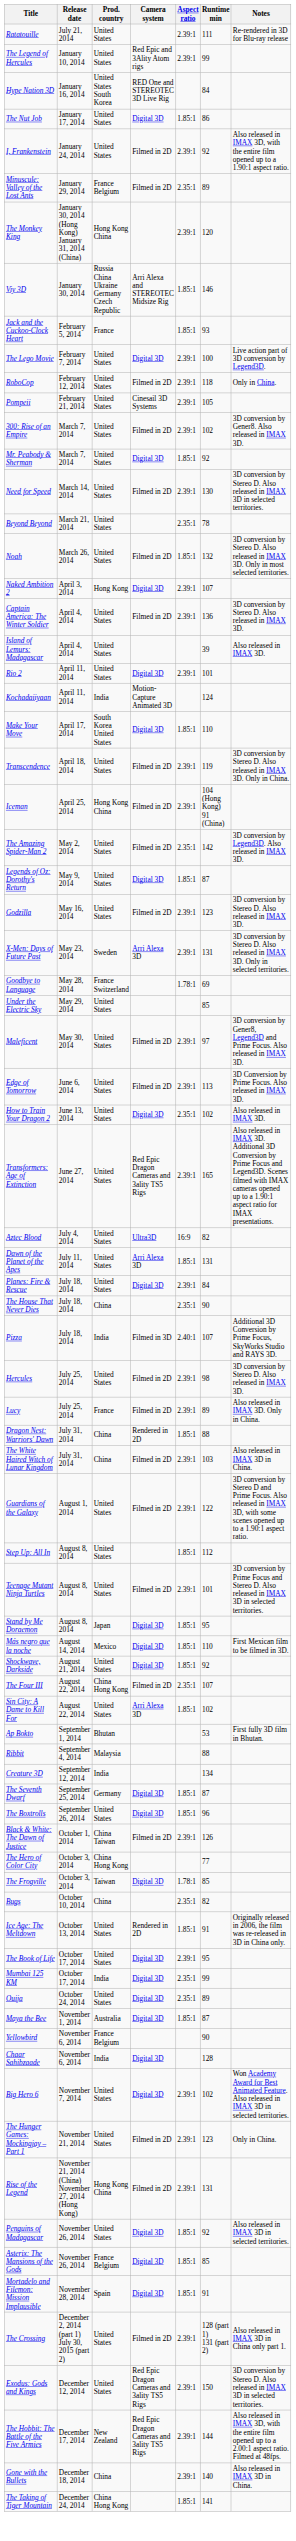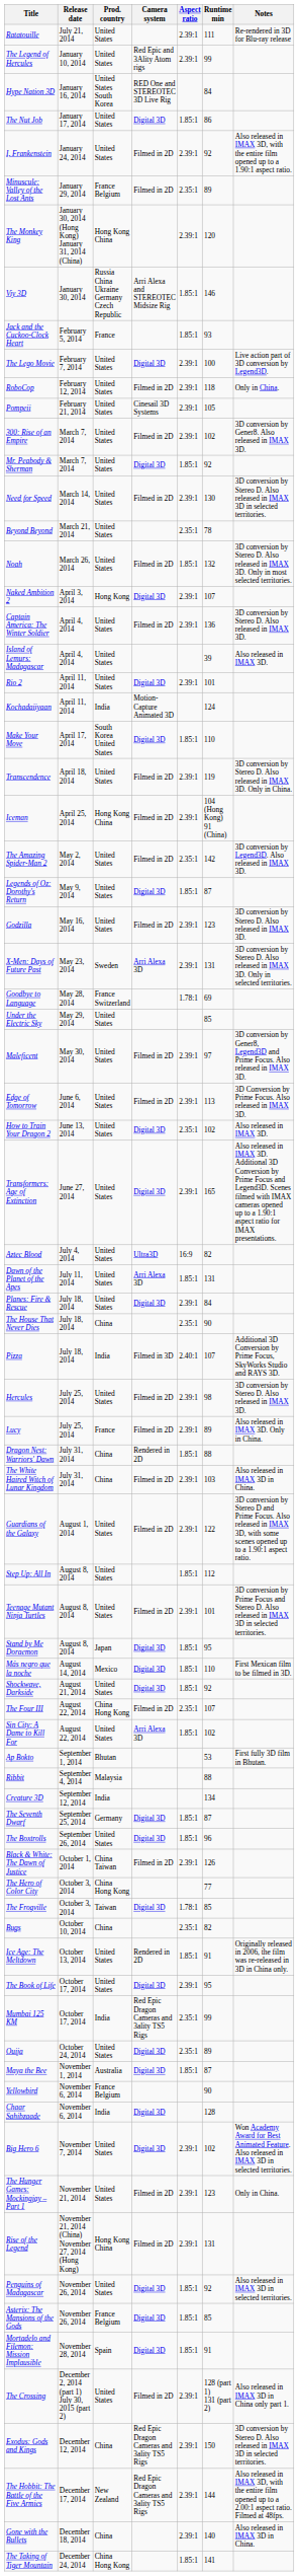 <table class="wikitable sortable" width="100%">
 <tr>
 <th width="22%">Title</th>
 <th width="12%">Release date</th>
 <th width="10%">Prod. country</th>
 <th width="15%">Camera system</th>
 <th width="5%"><a href='#'>Aspect ratio</a></th>
 <th width="3%">Runtime min</th>
 <th width="33%" class="unsortable">Notes</th>
 </tr>
 <tr>
 <td><em><a href='#'>Ratatouille</a></em></td>
 <td>July 21, 2014</td>
 <td>United States</td>
 <td></td>
 <td>2.39:1</td>
 <td>111</td>
 <td>Re-rendered in 3D for Blu-ray release</td>
 </tr>
 <tr>
 <td><em><a href='#'>The Legend of Hercules</a></em></td>
 <td>January 10, 2014</td>
 <td>United States</td>
 <td>Red Epic and 3Ality Atom rigs</td>
 <td>2.39:1</td>
 <td>99</td>
 <td></td>
 </tr>
 <tr>
 <td><em><a href='#'>Hype Nation 3D</a></em></td>
 <td>January 16, 2014</td>
 <td>United States<br>South Korea</td>
 <td>RED One and STEREOTEC 3D Live Rig</td>
 <td></td>
 <td>84</td>
 <td></td>
 </tr>
 <tr>
 <td><em><a href='#'>The Nut Job</a></em></td>
 <td>January 17, 2014</td>
 <td>United States</td>
 <td><a href='#'>Digital 3D</a></td>
 <td>1.85:1</td>
 <td>86</td>
 <td></td>
 </tr>
 <tr>
 <td><em><a href='#'>I, Frankenstein</a></em></td>
 <td>January 24, 2014</td>
 <td>United States</td>
 <td>Filmed in 2D</td>
 <td>2.39:1</td>
 <td>92</td>
 <td>Also released in <a href='#'>IMAX</a> 3D, with the entire film opened up to a 1.90:1 aspect ratio.</td>
 </tr>
 <tr>
 <td><em><a href='#'>Minuscule: Valley of the Lost Ants</a></em></td>
 <td>January 29, 2014</td>
 <td>France<br>Belgium</td>
 <td>Filmed in 2D</td>
 <td>2.35:1</td>
 <td>89</td>
 <td></td>
 </tr>
 <tr>
 <td><em><a href='#'>The Monkey King</a></em></td>
 <td>January 30, 2014 (Hong Kong)<br>January 31, 2014 (China)</td>
 <td>Hong Kong<br>China</td>
 <td></td>
 <td>2.39:1</td>
 <td>120</td>
 <td></td>
 </tr>
 <tr>
 <td><em><a href='#'>Viy 3D</a></em></td>
 <td>January 30, 2014</td>
 <td>Russia<br>China<br> Ukraine<br> Germany<br> Czech Republic</td>
 <td>Arri Alexa and STEREOTEC Midsize Rig</td>
 <td>1.85:1</td>
 <td>146</td>
 <td></td>
 </tr>
 <tr>
 <td><em><a href='#'>Jack and the Cuckoo-Clock Heart</a></em></td>
 <td>February 5, 2014</td>
 <td>France</td>
 <td></td>
 <td>1.85:1</td>
 <td>93</td>
 <td></td>
 </tr>
 <tr>
 <td><em><a href='#'>The Lego Movie</a></em></td>
 <td>February 7, 2014</td>
 <td>United States</td>
 <td><a href='#'>Digital 3D</a></td>
 <td>2.39:1</td>
 <td>100</td>
 <td>Live action part of 3D conversion by <a href='#'>Legend3D</a>.</td>
 </tr>
 <tr>
 <td><em><a href='#'>RoboCop</a></em></td>
 <td>February 12, 2014</td>
 <td>United States</td>
 <td>Filmed in 2D</td>
 <td>2.39:1</td>
 <td>118</td>
 <td>Only in <a href='#'>China</a>.</td>
 </tr>
 <tr>
 <td><em><a href='#'>Pompeii</a></em></td>
 <td>February 21, 2014</td>
 <td>United States</td>
 <td>Cinesail 3D Systems</td>
 <td>2.39:1</td>
 <td>105</td>
 <td></td>
 </tr>
 <tr>
 <td><em><a href='#'>300: Rise of an Empire</a></em></td>
 <td>March 7, 2014</td>
 <td>United States</td>
 <td>Filmed in 2D</td>
 <td>2.39:1</td>
 <td>102</td>
 <td>3D conversion by Gener8. Also released in <a href='#'>IMAX</a> 3D.</td>
 </tr>
 <tr>
 <td><em><a href='#'>Mr. Peabody & Sherman</a></em></td>
 <td>March 7, 2014</td>
 <td>United States</td>
 <td><a href='#'>Digital 3D</a></td>
 <td>1.85:1</td>
 <td>92</td>
 <td></td>
 </tr>
 <tr>
 <td><em><a href='#'>Need for Speed</a></em></td>
 <td>March 14, 2014</td>
 <td>United States</td>
 <td>Filmed in 2D</td>
 <td>2.39:1</td>
 <td>130</td>
 <td>3D conversion by Stereo D. Also released in <a href='#'>IMAX</a> 3D in selected territories.</td>
 </tr>
 <tr>
 <td><em><a href='#'>Beyond Beyond</a></em></td>
 <td>March 21, 2014</td>
 <td>United States</td>
 <td></td>
 <td>2.35:1</td>
 <td>78</td>
 <td></td>
 </tr>
 <tr>
 <td><em><a href='#'>Noah</a></em></td>
 <td>March 26, 2014</td>
 <td>United States</td>
 <td>Filmed in 2D</td>
 <td>1.85:1</td>
 <td>132</td>
 <td>3D conversion by Stereo D. Also released in <a href='#'>IMAX</a> 3D. Only in most selected territories.</td>
 </tr>
 <tr>
 <td><em><a href='#'>Naked Ambition 2</a></em></td>
 <td>April 3, 2014</td>
 <td>Hong Kong</td>
 <td><a href='#'>Digital 3D</a></td>
 <td>2.39:1</td>
 <td>107</td>
 <td></td>
 </tr>
 <tr>
 <td><em><a href='#'>Captain America: The Winter Soldier</a></em></td>
 <td>April 4, 2014</td>
 <td>United States</td>
 <td>Filmed in 2D</td>
 <td>2.39:1</td>
 <td>136</td>
 <td>3D conversion by Stereo D. Also released in <a href='#'>IMAX</a> 3D.</td>
 </tr>
 <tr>
 <td><em><a href='#'>Island of Lemurs: Madagascar</a></em></td>
 <td>April 4, 2014</td>
 <td>United States</td>
 <td></td>
 <td></td>
 <td>39</td>
 <td>Also released in <a href='#'>IMAX</a> 3D.</td>
 </tr>
 <tr>
 <td><em><a href='#'>Rio 2</a></em></td>
 <td>April 11, 2014</td>
 <td>United States</td>
 <td><a href='#'>Digital 3D</a></td>
 <td>2.39:1</td>
 <td>101</td>
 <td></td>
 </tr>
 <tr>
 <td><em><a href='#'>Kochadaiiyaan</a></em></td>
 <td>April 11, 2014</td>
 <td>India</td>
 <td>Motion-Capture Animated 3D</td>
 <td></td>
 <td>124</td>
 <td></td>
 </tr>
 <tr>
 <td><em><a href='#'>Make Your Move</a></em></td>
 <td>April 17, 2014</td>
 <td>South Korea<br>United States</td>
 <td><a href='#'>Digital 3D</a></td>
 <td>1.85:1</td>
 <td>110</td>
 <td></td>
 </tr>
 <tr>
 <td><em><a href='#'>Transcendence</a></em></td>
 <td>April 18, 2014</td>
 <td>United States</td>
 <td>Filmed in 2D</td>
 <td>2.39:1</td>
 <td>119</td>
 <td>3D conversion by Stereo D. Also released in <a href='#'>IMAX</a> 3D. Only in China.</td>
 </tr>
 <tr>
 <td><em><a href='#'>Iceman</a></em></td>
 <td>April 25, 2014</td>
 <td>Hong Kong<br>China</td>
 <td>Filmed in 2D</td>
 <td>2.39:1</td>
 <td>104 (Hong Kong)<br>91 (China)</td>
 <td></td>
 </tr>
 <tr>
 <td><em><a href='#'>The Amazing Spider-Man 2</a></em></td>
 <td>May 2, 2014</td>
 <td>United States</td>
 <td>Filmed in 2D</td>
 <td>2.35:1</td>
 <td>142</td>
 <td>3D conversion by <a href='#'>Legend3D</a>. Also released in <a href='#'>IMAX</a> 3D.</td>
 </tr>
 <tr>
 <td><em><a href='#'>Legends of Oz: Dorothy's Return</a></em></td>
 <td>May 9, 2014</td>
 <td>United States</td>
 <td><a href='#'>Digital 3D</a></td>
 <td>1.85:1</td>
 <td>87</td>
 <td></td>
 </tr>
 <tr>
 <td><em><a href='#'>Godzilla</a></em></td>
 <td>May 16, 2014</td>
 <td>United States</td>
 <td>Filmed in 2D</td>
 <td>2.39:1</td>
 <td>123</td>
 <td>3D conversion by Stereo D. Also released in <a href='#'>IMAX</a> 3D.</td>
 </tr>
 <tr>
 <td><em><a href='#'>X-Men: Days of Future Past</a></em></td>
 <td>May 23, 2014</td>
 <td>Sweden</td>
 <td><a href='#'>Arri Alexa</a> 3D</td>
 <td>2.39:1</td>
 <td>131</td>
 <td>3D conversion by Stereo D. Also released in <a href='#'>IMAX</a> 3D. Only in selected territories.</td>
 </tr>
 <tr>
 <td><em><a href='#'>Goodbye to Language</a></em></td>
 <td>May 28, 2014</td>
 <td>France<br>Switzerland</td>
 <td></td>
 <td>1.78:1</td>
 <td>69</td>
 <td></td>
 </tr>
 <tr>
 <td><em><a href='#'>Under the Electric Sky</a></em></td>
 <td>May 29, 2014</td>
 <td>United States</td>
 <td></td>
 <td></td>
 <td>85</td>
 <td></td>
 </tr>
 <tr>
 <td><em><a href='#'>Maleficent</a></em></td>
 <td>May 30, 2014</td>
 <td>United States</td>
 <td>Filmed in 2D</td>
 <td>2.39:1</td>
 <td>97</td>
 <td>3D conversion by Gener8, <a href='#'>Legend3D</a> and Prime Focus. Also released in <a href='#'>IMAX</a> 3D.</td>
 </tr>
 <tr>
 <td><em><a href='#'>Edge of Tomorrow</a></em></td>
 <td>June 6, 2014</td>
 <td>United States</td>
 <td>Filmed in 2D</td>
 <td>2.39:1</td>
 <td>113</td>
 <td>3D Conversion by Prime Focus. Also released in <a href='#'>IMAX</a> 3D.</td>
 </tr>
 <tr>
 <td><em><a href='#'>How to Train Your Dragon 2</a></em></td>
 <td>June 13, 2014</td>
 <td>United States</td>
 <td><a href='#'>Digital 3D</a></td>
 <td>2.35:1</td>
 <td>102</td>
 <td>Also released in <a href='#'>IMAX</a> 3D.</td>
 </tr>
 <tr>
 <td><em><a href='#'>Transformers: Age of Extinction</a></em></td>
 <td>June 27, 2014</td>
 <td>United States</td>
-<td>Red Epic Dragon Cameras and 3ality TS5 Rigs</td>
+<td><a href='#'>Digital 3D</a></td>
 <td>2.39:1</td>
 <td>165</td>
 <td>Also released in <a href='#'>IMAX</a> 3D. Additional 3D Conversion by Prime Focus and Legend3D. Scenes filmed with IMAX cameras opened up to a 1.90:1 aspect ratio for IMAX presentations.</td>
 </tr>
 <tr>
 <td><em><a href='#'>Aztec Blood</a></em></td>
 <td>July 4, 2014</td>
 <td>United States</td>
 <td><a href='#'>Ultra3D</a></td>
 <td>16:9</td>
 <td>82</td>
 <td></td>
 </tr>
 <tr>
 <td><em><a href='#'>Dawn of the Planet of the Apes</a></em></td>
 <td>July 11, 2014</td>
 <td>United States</td>
 <td><a href='#'>Arri Alexa</a> 3D</td>
 <td>1.85:1</td>
 <td>131</td>
 <td></td>
 </tr>
 <tr>
 <td><em><a href='#'>Planes: Fire & Rescue</a></em></td>
 <td>July 18, 2014</td>
 <td>United States</td>
 <td><a href='#'>Digital 3D</a></td>
 <td>2.39:1</td>
 <td>84</td>
 <td></td>
 </tr>
 <tr>
 <td><em><a href='#'>The House That Never Dies</a></em></td>
 <td>July 18, 2014</td>
 <td>China</td>
 <td></td>
 <td>2.35:1</td>
 <td>90</td>
 <td></td>
 </tr>
 <tr>
 <td><em><a href='#'>Pizza</a></em></td>
 <td>July 18, 2014</td>
 <td>India</td>
 <td>Filmed in 3D</td>
 <td>2.40:1</td>
 <td>107</td>
 <td>Additional 3D Conversion by Prime Focus, SkyWorks Studio and RAYS 3D.</td>
 </tr>
 <tr>
 <td><em><a href='#'>Hercules</a></em></td>
 <td>July 25, 2014</td>
 <td>United States</td>
 <td>Filmed in 2D</td>
 <td>2.39:1</td>
 <td>98</td>
 <td>3D conversion by Stereo D. Also released in <a href='#'>IMAX</a> 3D.</td>
 </tr>
 <tr>
 <td><em><a href='#'>Lucy</a></em></td>
 <td>July 25, 2014</td>
 <td>France</td>
 <td>Filmed in 2D</td>
 <td>2.39:1</td>
 <td>89</td>
 <td>Also released in <a href='#'>IMAX</a> 3D. Only in China.</td>
 </tr>
 <tr>
 <td><em><a href='#'>Dragon Nest: Warriors' Dawn</a></em></td>
 <td>July 31, 2014</td>
 <td>China</td>
 <td>Rendered in 2D</td>
 <td>1.85:1</td>
 <td>88</td>
 <td></td>
 </tr>
 <tr>
 <td><em><a href='#'>The White Haired Witch of Lunar Kingdom</a></em></td>
 <td>July 31, 2014</td>
 <td>China</td>
 <td>Filmed in 2D</td>
 <td>2.39:1</td>
 <td>103</td>
 <td>Also released in <a href='#'>IMAX</a> 3D in China.</td>
 </tr>
 <tr>
 <td><em><a href='#'>Guardians of the Galaxy</a></em></td>
 <td>August 1, 2014</td>
 <td>United States</td>
 <td>Filmed in 2D</td>
 <td>2.39:1</td>
 <td>122</td>
 <td>3D conversion by Stereo D and Prime Focus. Also released in <a href='#'>IMAX</a> 3D, with some scenes opened up to a 1.90:1 aspect ratio.</td>
 </tr>
 <tr>
 <td><em><a href='#'>Step Up: All In</a></em></td>
 <td>August 8, 2014</td>
 <td>United States</td>
 <td></td>
 <td>1.85:1</td>
 <td>112</td>
 <td></td>
 </tr>
 <tr>
 <td><em><a href='#'>Teenage Mutant Ninja Turtles</a></em></td>
 <td>August 8, 2014</td>
 <td>United States</td>
 <td>Filmed in 2D</td>
 <td>2.39:1</td>
 <td>101</td>
 <td>3D conversion by Prime Focus and Stereo D. Also released in <a href='#'>IMAX</a> 3D in selected territories.</td>
 </tr>
 <tr>
 <td><em><a href='#'>Stand by Me Doraemon</a></em></td>
 <td>August 8, 2014</td>
 <td>Japan</td>
 <td><a href='#'>Digital 3D</a></td>
 <td>1.85:1</td>
 <td>95</td>
 <td></td>
 </tr>
 <tr>
 <td><em><a href='#'>Más negro que la noche</a></em></td>
 <td>August 14, 2014</td>
 <td>Mexico</td>
 <td><a href='#'>Digital 3D</a></td>
 <td>1.85:1</td>
 <td>110</td>
 <td>First Mexican film to be filmed in 3D.</td>
 </tr>
 <tr>
 <td><em><a href='#'>Shockwave, Darkside</a></em></td>
 <td>August 21, 2014</td>
 <td>United States</td>
 <td><a href='#'>Digital 3D</a></td>
 <td>1.85:1</td>
 <td>92</td>
 <td></td>
 </tr>
 <tr>
 <td><em><a href='#'>The Four III</a></em></td>
 <td>August 22, 2014</td>
 <td>China<br>Hong Kong</td>
 <td>Filmed in 2D</td>
 <td>2.35:1</td>
 <td>107</td>
 <td></td>
 </tr>
 <tr>
 <td><em><a href='#'>Sin City: A Dame to Kill For</a></em></td>
 <td>August 22, 2014</td>
 <td>United States</td>
 <td><a href='#'>Arri Alexa</a> 3D</td>
 <td>1.85:1</td>
 <td>102</td>
 <td></td>
 </tr>
 <tr>
 <td><em><a href='#'>Ap Bokto</a></em></td>
 <td>September 1, 2014</td>
 <td>Bhutan</td>
 <td></td>
 <td></td>
 <td>53</td>
 <td>First fully 3D film in Bhutan.</td>
 </tr>
 <tr>
 <td><em><a href='#'>Ribbit</a></em></td>
 <td>September 4, 2014</td>
 <td>Malaysia</td>
 <td></td>
 <td></td>
 <td>88</td>
 <td></td>
 </tr>
 <tr>
 <td><em><a href='#'>Creature 3D</a></em></td>
 <td>September 12, 2014</td>
 <td>India</td>
 <td></td>
 <td></td>
 <td>134</td>
 <td></td>
 </tr>
 <tr>
 <td><em><a href='#'>The Seventh Dwarf</a></em></td>
 <td>September 25, 2014</td>
 <td>Germany</td>
 <td><a href='#'>Digital 3D</a></td>
 <td>1.85:1</td>
 <td>87</td>
 <td></td>
 </tr>
 <tr>
 <td><em><a href='#'>The Boxtrolls</a></em></td>
 <td>September 26, 2014</td>
 <td>United States</td>
 <td><a href='#'>Digital 3D</a></td>
 <td>1.85:1</td>
 <td>96</td>
 <td></td>
 </tr>
 <tr>
 <td><em><a href='#'>Black & White: The Dawn of Justice</a></em></td>
 <td>October 1, 2014</td>
 <td>China<br>Taiwan</td>
 <td>Filmed in 2D</td>
 <td>2.39:1</td>
 <td>126</td>
 <td></td>
 </tr>
 <tr>
 <td><em><a href='#'>The Hero of Color City</a></em></td>
 <td>October 3, 2014</td>
 <td>China<br>Hong Kong</td>
 <td></td>
 <td></td>
 <td>77</td>
 <td></td>
 </tr>
 <tr>
 <td><em><a href='#'>The Frogville</a></em></td>
 <td>October 3, 2014</td>
 <td>Taiwan</td>
 <td><a href='#'>Digital 3D</a></td>
 <td>1.78:1</td>
 <td>85</td>
 <td></td>
 </tr>
 <tr>
 <td><em><a href='#'>Bugs</a></em></td>
 <td>October 10, 2014</td>
 <td>China</td>
 <td></td>
 <td>2.35:1</td>
 <td>82</td>
 <td></td>
 </tr>
 <tr>
 <td><em><a href='#'>Ice Age: The Meltdown</a></em></td>
 <td>October 13, 2014</td>
 <td>United States</td>
 <td>Rendered in 2D</td>
 <td>1.85:1</td>
 <td>91</td>
 <td>Originally released in 2006, the film was re-released in 3D in China only.</td>
 </tr>
 <tr>
 <td><em><a href='#'>The Book of Life</a></em></td>
 <td>October 17, 2014</td>
 <td>United States</td>
 <td><a href='#'>Digital 3D</a></td>
 <td>2.39:1</td>
 <td>95</td>
 <td></td>
 </tr>
 <tr>
 <td><em><a href='#'>Mumbai 125 KM</a></em></td>
 <td>October 17, 2014</td>
 <td>India</td>
-<td><a href='#'>Digital 3D</a></td>
+<td>Red Epic Dragon Cameras and 3ality TS5 Rigs</td>
 <td>2.35:1</td>
 <td>99</td>
 <td></td>
 </tr>
 <tr>
 <td><em><a href='#'>Ouija</a></em></td>
 <td>October 24, 2014</td>
 <td>United States</td>
 <td><a href='#'>Digital 3D</a></td>
 <td>2.35:1</td>
 <td>89</td>
 <td></td>
 </tr>
 <tr>
 <td><em><a href='#'>Maya the Bee</a></em></td>
 <td>November 1, 2014</td>
 <td>Australia</td>
 <td><a href='#'>Digital 3D</a></td>
 <td>1.85:1</td>
 <td>87</td>
 <td></td>
 </tr>
 <tr>
 <td><em><a href='#'>Yellowbird</a></em></td>
 <td>November 6, 2014</td>
 <td>France<br>Belgium</td>
 <td></td>
 <td></td>
 <td>90</td>
 <td></td>
 </tr>
 <tr>
 <td><em><a href='#'>Chaar Sahibzaade</a></em></td>
 <td>November 6, 2014</td>
 <td>India</td>
 <td><a href='#'>Digital 3D</a></td>
 <td></td>
 <td>128</td>
 <td></td>
 </tr>
 <tr>
 <td><em><a href='#'>Big Hero 6</a></em></td>
 <td>November 7, 2014</td>
 <td>United States</td>
 <td><a href='#'>Digital 3D</a></td>
 <td>2.39:1</td>
 <td>102</td>
 <td>Won <a href='#'>Academy Award for Best Animated Feature</a>. Also released in <a href='#'>IMAX</a> 3D in selected territories.</td>
 </tr>
 <tr>
 <td><em><a href='#'>The Hunger Games: Mockingjay – Part 1</a></em></td>
 <td>November 21, 2014</td>
 <td>United States</td>
 <td>Filmed in 2D</td>
 <td>2.39:1</td>
 <td>123</td>
 <td>Only in China.</td>
 </tr>
 <tr>
 <td><em><a href='#'>Rise of the Legend</a></em></td>
 <td>November 21, 2014 (China)<br>November 27, 2014 (Hong Kong)</td>
 <td>Hong Kong<br>China</td>
 <td>Filmed in 2D</td>
 <td>2.39:1</td>
 <td>131</td>
 <td></td>
 </tr>
 <tr>
 <td><em><a href='#'>Penguins of Madagascar</a></em></td>
 <td>November 26, 2014</td>
 <td>United States</td>
 <td><a href='#'>Digital 3D</a></td>
 <td>1.85:1</td>
 <td>92</td>
 <td>Also released in <a href='#'>IMAX</a> 3D in selected territories.</td>
 </tr>
 <tr>
 <td><em><a href='#'>Asterix: The Mansions of the Gods</a></em></td>
 <td>November 26, 2014</td>
 <td>France<br>Belgium</td>
 <td><a href='#'>Digital 3D</a></td>
 <td>1.85:1</td>
 <td>85</td>
 <td></td>
 </tr>
 <tr>
 <td><em><a href='#'>Mortadelo and Filemon: Mission Implausible</a></em></td>
 <td>November 28, 2014</td>
 <td>Spain</td>
 <td><a href='#'>Digital 3D</a></td>
 <td>1.85:1</td>
 <td>91</td>
 <td></td>
 </tr>
 <tr>
 <td><em><a href='#'>The Crossing</a></em></td>
 <td>December 2, 2014 (part 1)<br>July 30, 2015 (part 2)</td>
 <td>United States</td>
 <td>Filmed in 2D</td>
 <td>2.39:1</td>
 <td>128 (part 1)<br>131 (part 2)</td>
 <td>Also released in <a href='#'>IMAX</a> 3D in China only part 1.</td>
 </tr>
 <tr>
 <td><em><a href='#'>Exodus: Gods and Kings</a></em></td>
 <td>December 12, 2014</td>
-<td>United States</td>
+<td>China</td>
 <td>Red Epic Dragon Cameras and 3ality TS5 Rigs</td>
 <td>2.39:1</td>
 <td>150</td>
 <td>3D conversion by Stereo D. Also released in <a href='#'>IMAX</a> 3D in selected territories.</td>
 </tr>
 <tr>
 <td><em><a href='#'>The Hobbit: The Battle of the Five Armies</a></em></td>
 <td>December 17, 2014</td>
 <td>New Zealand</td>
 <td>Red Epic Dragon Cameras and 3ality TS5 Rigs</td>
 <td>2.39:1</td>
 <td>144</td>
 <td>Also released in <a href='#'>IMAX</a> 3D, with the entire film opened up to a 2.00:1 aspect ratio. Filmed at 48fps.</td>
 </tr>
 <tr>
 <td><em><a href='#'>Gone with the Bullets</a></em></td>
 <td>December 18, 2014</td>
 <td>China</td>
 <td></td>
 <td>2.39:1</td>
 <td>140</td>
 <td>Also released in <a href='#'>IMAX</a> 3D in China.</td>
 </tr>
 <tr>
 <td><em><a href='#'>The Taking of Tiger Mountain</a></em></td>
 <td>December 24, 2014</td>
 <td>China<br>Hong Kong</td>
 <td></td>
 <td>1.85:1</td>
 <td>141</td>
 <td></td>
 </tr>
 </table>
